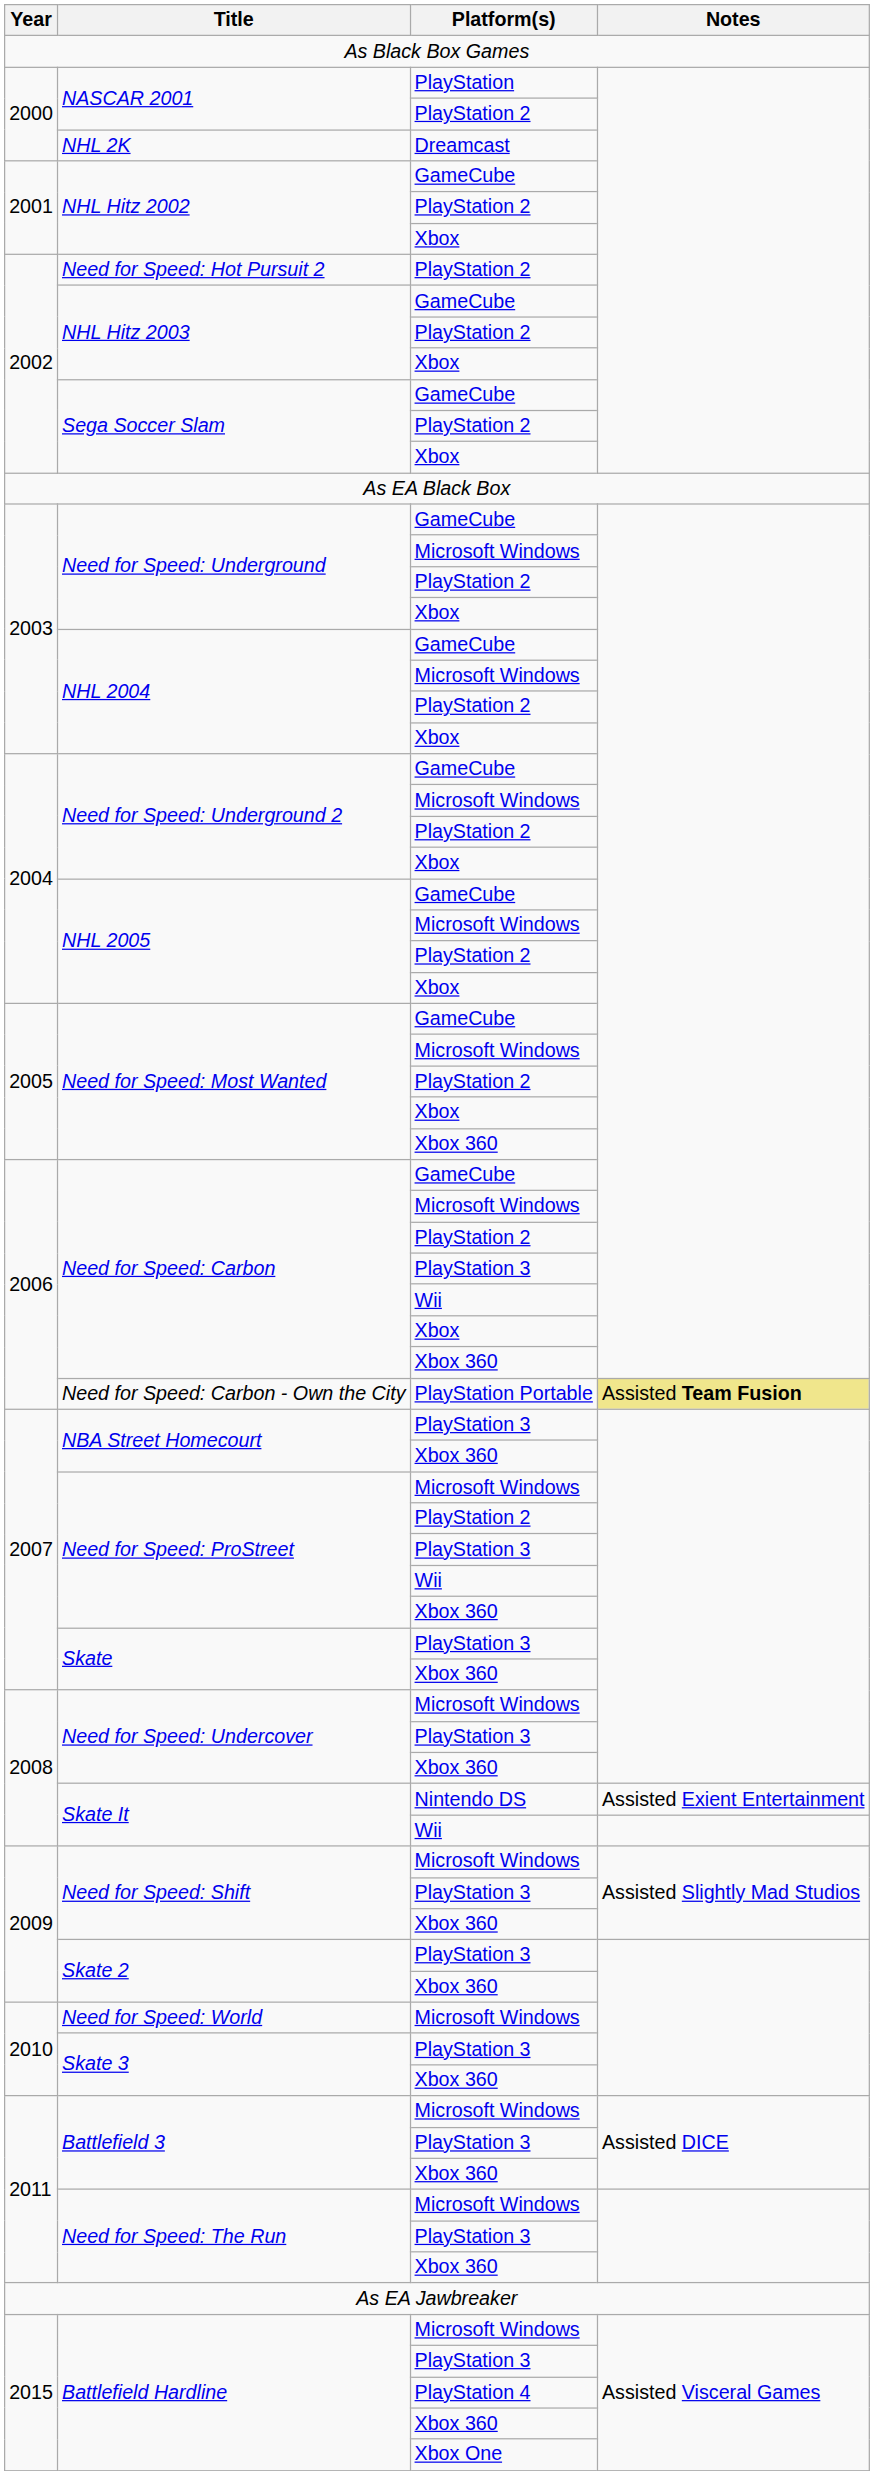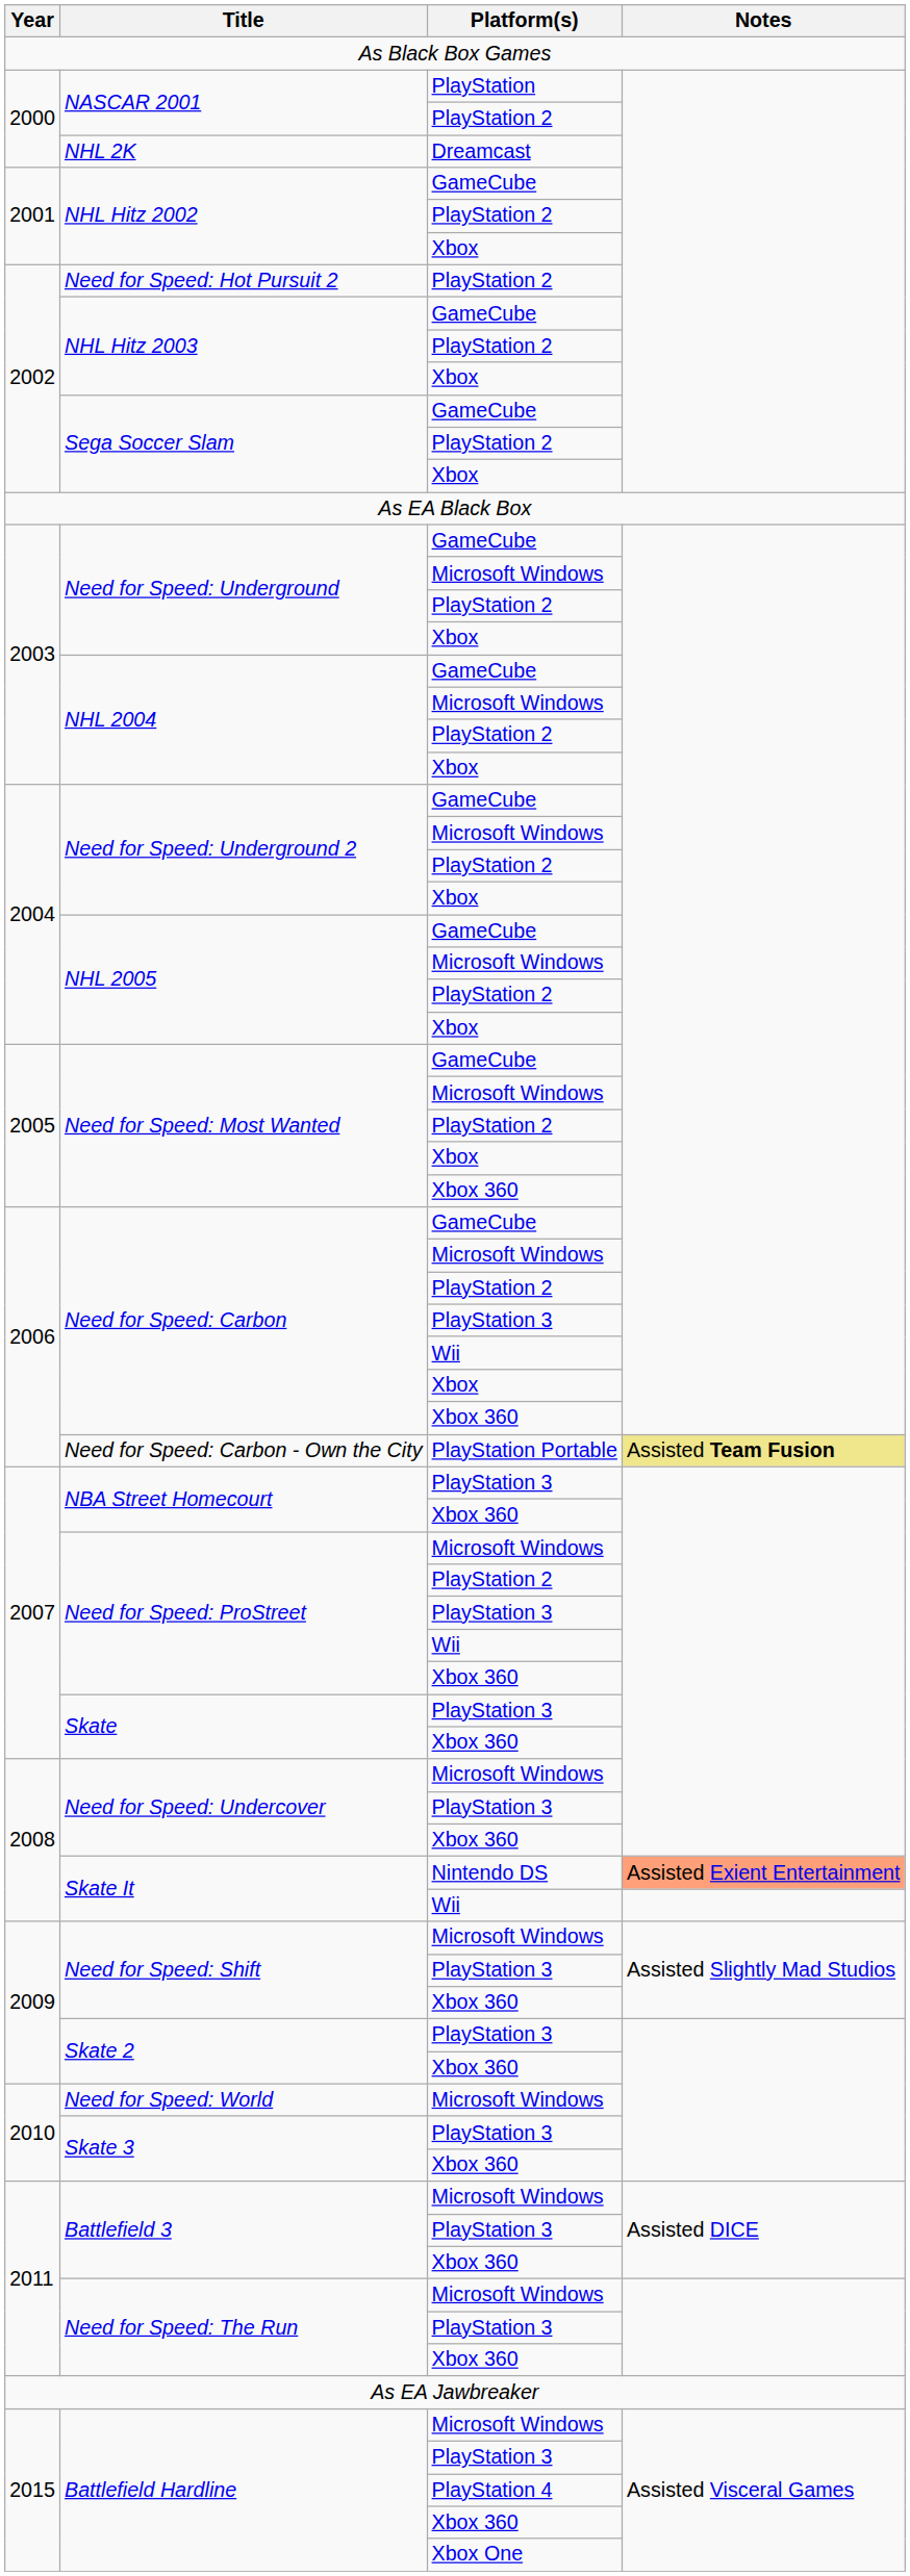 <table class="wikitable sortable">
 <tr>
 <th>Year</th>
 <th>Title</th>
 <th>Platform(s)</th>
 <th>Notes</th>
 </tr>
 <tr>
 <td colspan="4" align="center"><em>As Black Box Games</em></td>
 </tr>
 <tr>
 <td rowspan="3">2000</td>
 <td rowspan="2"><em><a href='#'>NASCAR 2001</a></em></td>
 <td><a href='#'>PlayStation</a></td>
 <td rowspan="13"></td>
 </tr>
 <tr>
 <td><a href='#'>PlayStation 2</a></td>
 </tr>
 <tr>
 <td><em><a href='#'>NHL 2K</a></em></td>
 <td><a href='#'>Dreamcast</a></td>
 </tr>
 <tr>
 <td rowspan="3">2001</td>
 <td rowspan="3"><em><a href='#'>NHL Hitz 2002</a></em></td>
 <td><a href='#'>GameCube</a></td>
 </tr>
 <tr>
 <td><a href='#'>PlayStation 2</a></td>
 </tr>
 <tr>
 <td><a href='#'>Xbox</a></td>
 </tr>
 <tr>
 <td rowspan="7">2002</td>
 <td><em><a href='#'>Need for Speed: Hot Pursuit 2</a></em></td>
 <td><a href='#'>PlayStation 2</a></td>
 </tr>
 <tr>
 <td rowspan="3"><em><a href='#'>NHL Hitz 2003</a></em></td>
 <td><a href='#'>GameCube</a></td>
 </tr>
 <tr>
 <td><a href='#'>PlayStation 2</a></td>
 </tr>
 <tr>
 <td><a href='#'>Xbox</a></td>
 </tr>
 <tr>
 <td rowspan="3"><em><a href='#'>Sega Soccer Slam</a></em></td>
 <td><a href='#'>GameCube</a></td>
 </tr>
 <tr>
 <td><a href='#'>PlayStation 2</a></td>
 </tr>
 <tr>
 <td><a href='#'>Xbox</a></td>
 </tr>
 <tr>
 <td colspan="4" align="center"><em>As EA Black Box</em></td>
 </tr>
 <tr>
 <td rowspan="8">2003</td>
 <td rowspan="4"><em><a href='#'>Need for Speed: Underground</a></em></td>
 <td><a href='#'>GameCube</a></td>
 <td rowspan="28"></td>
 </tr>
 <tr>
 <td><a href='#'>Microsoft Windows</a></td>
 </tr>
 <tr>
 <td><a href='#'>PlayStation 2</a></td>
 </tr>
 <tr>
 <td><a href='#'>Xbox</a></td>
 </tr>
 <tr>
 <td rowspan="4"><em><a href='#'>NHL 2004</a></em></td>
 <td><a href='#'>GameCube</a></td>
 </tr>
 <tr>
 <td><a href='#'>Microsoft Windows</a></td>
 </tr>
 <tr>
 <td><a href='#'>PlayStation 2</a></td>
 </tr>
 <tr>
 <td><a href='#'>Xbox</a></td>
 </tr>
 <tr>
 <td rowspan="8">2004</td>
 <td rowspan="4"><em><a href='#'>Need for Speed: Underground 2</a></em></td>
 <td><a href='#'>GameCube</a></td>
 </tr>
 <tr>
 <td><a href='#'>Microsoft Windows</a></td>
 </tr>
 <tr>
 <td><a href='#'>PlayStation 2</a></td>
 </tr>
 <tr>
 <td><a href='#'>Xbox</a></td>
 </tr>
 <tr>
 <td rowspan="4"><em><a href='#'>NHL 2005</a></em></td>
 <td><a href='#'>GameCube</a></td>
 </tr>
 <tr>
 <td><a href='#'>Microsoft Windows</a></td>
 </tr>
 <tr>
 <td><a href='#'>PlayStation 2</a></td>
 </tr>
 <tr>
 <td><a href='#'>Xbox</a></td>
 </tr>
 <tr>
 <td rowspan="5">2005</td>
 <td rowspan="5"><em><a href='#'>Need for Speed: Most Wanted</a></em></td>
 <td><a href='#'>GameCube</a></td>
 </tr>
 <tr>
 <td><a href='#'>Microsoft Windows</a></td>
 </tr>
 <tr>
 <td><a href='#'>PlayStation 2</a></td>
 </tr>
 <tr>
 <td><a href='#'>Xbox</a></td>
 </tr>
 <tr>
 <td><a href='#'>Xbox 360</a></td>
 </tr>
 <tr>
 <td rowspan="8">2006</td>
 <td rowspan="7"><em><a href='#'>Need for Speed: Carbon</a></em></td>
 <td><a href='#'>GameCube</a></td>
 </tr>
 <tr>
 <td><a href='#'>Microsoft Windows</a></td>
 </tr>
 <tr>
 <td><a href='#'>PlayStation 2</a></td>
 </tr>
 <tr>
 <td><a href='#'>PlayStation 3</a></td>
 </tr>
 <tr>
 <td><a href='#'>Wii</a></td>
 </tr>
 <tr>
 <td><a href='#'>Xbox</a></td>
 </tr>
 <tr>
 <td><a href='#'>Xbox 360</a></td>
 </tr>
 <tr>
 <td><em>Need for Speed: Carbon - Own the City</em></td>
 <td><a href='#'>PlayStation Portable</a></td>
 <td style="background: khaki;">Assisted <strong>Team Fusion</strong></td>
 </tr>
 <tr>
 <td rowspan="9">2007</td>
 <td rowspan="2"><em><a href='#'>NBA Street Homecourt</a></em></td>
 <td><a href='#'>PlayStation 3</a></td>
 <td rowspan="12"></td>
 </tr>
 <tr>
 <td><a href='#'>Xbox 360</a></td>
 </tr>
 <tr>
 <td rowspan="5"><em><a href='#'>Need for Speed: ProStreet</a></em></td>
 <td><a href='#'>Microsoft Windows</a></td>
 </tr>
 <tr>
 <td><a href='#'>PlayStation 2</a></td>
 </tr>
 <tr>
 <td><a href='#'>PlayStation 3</a></td>
 </tr>
 <tr>
 <td><a href='#'>Wii</a></td>
 </tr>
 <tr>
 <td><a href='#'>Xbox 360</a></td>
 </tr>
 <tr>
 <td rowspan="2"><em><a href='#'>Skate</a></em></td>
 <td><a href='#'>PlayStation 3</a></td>
 </tr>
 <tr>
 <td><a href='#'>Xbox 360</a></td>
 </tr>
 <tr>
 <td rowspan="5">2008</td>
 <td rowspan="3"><em><a href='#'>Need for Speed: Undercover</a></em></td>
 <td><a href='#'>Microsoft Windows</a></td>
 </tr>
 <tr>
 <td><a href='#'>PlayStation 3</a></td>
 </tr>
 <tr>
 <td><a href='#'>Xbox 360</a></td>
 </tr>
 <tr>
 <td rowspan="2"><em><a href='#'>Skate It</a></em></td>
 <td><a href='#'>Nintendo DS</a></td>
-<td>Assisted <a href='#'>Exient Entertainment</a></td>
+<td style="background: lightsalmon;">Assisted <a href='#'>Exient Entertainment</a></td>
 </tr>
 <tr>
 <td><a href='#'>Wii</a></td>
 <td></td>
 </tr>
 <tr>
 <td rowspan="5">2009</td>
 <td rowspan="3"><em><a href='#'>Need for Speed: Shift</a></em></td>
 <td><a href='#'>Microsoft Windows</a></td>
 <td rowspan="3">Assisted <a href='#'>Slightly Mad Studios</a></td>
 </tr>
 <tr>
 <td><a href='#'>PlayStation 3</a></td>
 </tr>
 <tr>
 <td><a href='#'>Xbox 360</a></td>
 </tr>
 <tr>
 <td rowspan="2"><em><a href='#'>Skate 2</a></em></td>
 <td><a href='#'>PlayStation 3</a></td>
 <td rowspan="5"></td>
 </tr>
 <tr>
 <td><a href='#'>Xbox 360</a></td>
 </tr>
 <tr>
 <td rowspan="3">2010</td>
 <td><em><a href='#'>Need for Speed: World</a></em></td>
 <td><a href='#'>Microsoft Windows</a></td>
 </tr>
 <tr>
 <td rowspan="2"><em><a href='#'>Skate 3</a></em></td>
 <td><a href='#'>PlayStation 3</a></td>
 </tr>
 <tr>
 <td><a href='#'>Xbox 360</a></td>
 </tr>
 <tr>
 <td rowspan="6">2011</td>
 <td rowspan="3"><em><a href='#'>Battlefield 3</a></em></td>
 <td><a href='#'>Microsoft Windows</a></td>
 <td rowspan="3">Assisted <a href='#'>DICE</a></td>
 </tr>
 <tr>
 <td><a href='#'>PlayStation 3</a></td>
 </tr>
 <tr>
 <td><a href='#'>Xbox 360</a></td>
 </tr>
 <tr>
 <td rowspan="3"><em><a href='#'>Need for Speed: The Run</a></em></td>
 <td><a href='#'>Microsoft Windows</a></td>
 <td rowspan="3"></td>
 </tr>
 <tr>
 <td><a href='#'>PlayStation 3</a></td>
 </tr>
 <tr>
 <td><a href='#'>Xbox 360</a></td>
 </tr>
 <tr>
 <td colspan="4" align="center"><em>As EA Jawbreaker</em></td>
 </tr>
 <tr>
 <td rowspan="5">2015</td>
 <td rowspan="5"><em><a href='#'>Battlefield Hardline</a></em></td>
 <td><a href='#'>Microsoft Windows</a></td>
 <td rowspan="5">Assisted <a href='#'>Visceral Games</a></td>
 </tr>
 <tr>
 <td><a href='#'>PlayStation 3</a></td>
 </tr>
 <tr>
 <td><a href='#'>PlayStation 4</a></td>
 </tr>
 <tr>
 <td><a href='#'>Xbox 360</a></td>
 </tr>
 <tr>
 <td><a href='#'>Xbox One</a></td>
 </tr>
 </table>
